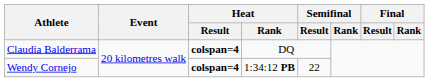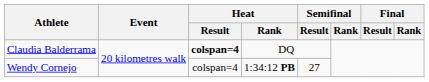 <table class="wikitable" style="font-size:90%">
 <tr>
 <th rowspan="2">Athlete</th>
 <th rowspan="2">Event</th>
 <th colspan="2">Heat</th>
 <th colspan="2">Semifinal</th>
 <th colspan="2">Final</th>
 </tr>
 <tr style="font-size:95%">
 <th>Result</th>
 <th>Rank</th>
 <th>Result</th>
 <th>Rank</th>
 <th>Result</th>
 <th>Rank</th>
 </tr>
 <tr style=text-align:center>
 <td style=text-align:left><a href='#'>Claudia Balderrama</a></td>
 <td style=text-align:left rowspan=2><a href='#'>20 kilometres walk</a></td>
 <td><strong>colspan=4 </strong></td>
 <td colspan=2>DQ</td>
 </tr>
 <tr style=text-align:center>
 <td style=text-align:left><a href='#'>Wendy Cornejo</a></td>
-<td><strong>colspan=4 </strong></td>
+<td>colspan=4 </td>
 <td>1:34:12 <strong>PB</strong></td>
-<td>22</td>
+<td>27</td>
 </tr>
 </table>
